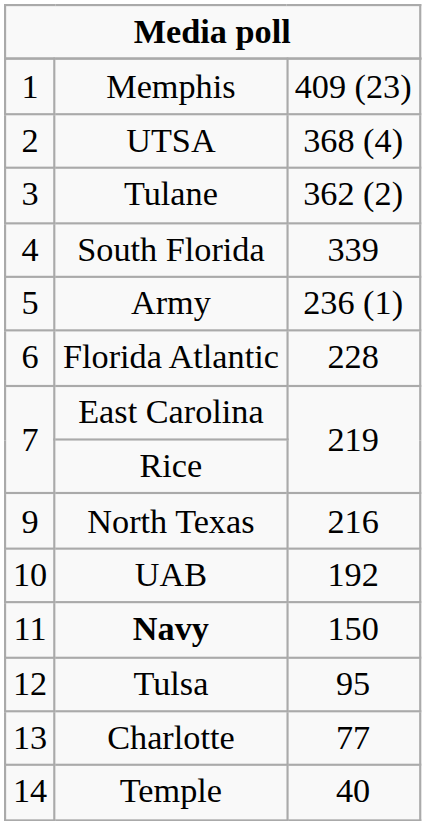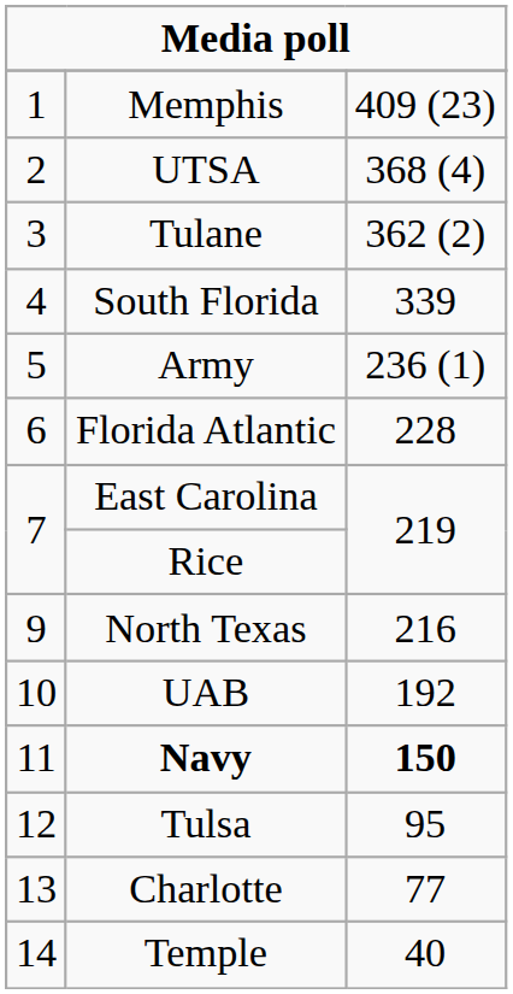 <table class="wikitable">
 <tr align="center">
 <td align="center" Colspan="3"><strong>Media poll</strong></td>
 </tr>
 <tr align="center">
 </tr>
 <tr align="center">
 <td>1</td>
 <td>Memphis</td>
 <td>409 (23)</td>
 </tr>
 <tr align="center">
 <td>2</td>
 <td>UTSA</td>
 <td>368 (4)</td>
 </tr>
 <tr align="center">
 <td>3</td>
 <td>Tulane</td>
 <td>362 (2)</td>
 </tr>
 <tr align="center">
 <td>4</td>
 <td>South Florida</td>
 <td>339</td>
 </tr>
 <tr align="center">
 <td>5</td>
 <td>Army</td>
 <td>236 (1)</td>
 </tr>
 <tr align="center">
 <td>6</td>
 <td>Florida Atlantic</td>
 <td>228</td>
 </tr>
 <tr align="center">
 <td rowspan="2">7</td>
 <td>East Carolina</td>
 <td rowspan="2">219</td>
 </tr>
 <tr align="center">
 <td>Rice</td>
 </tr>
 <tr align="center">
 <td>9</td>
 <td>North Texas</td>
 <td>216</td>
 </tr>
 <tr align="center">
 <td>10</td>
 <td>UAB</td>
 <td>192</td>
 </tr>
 <tr align="center">
 <td>11</td>
 <td><strong>Navy</strong></td>
-<td>150</td>
+<td><strong>150</strong></td>
 </tr>
 <tr align="center">
 <td>12</td>
 <td>Tulsa</td>
 <td>95</td>
 </tr>
 <tr align="center">
 <td>13</td>
 <td>Charlotte</td>
 <td>77</td>
 </tr>
 <tr align="center">
 <td>14</td>
 <td>Temple</td>
 <td>40</td>
 </tr>
 </table>
